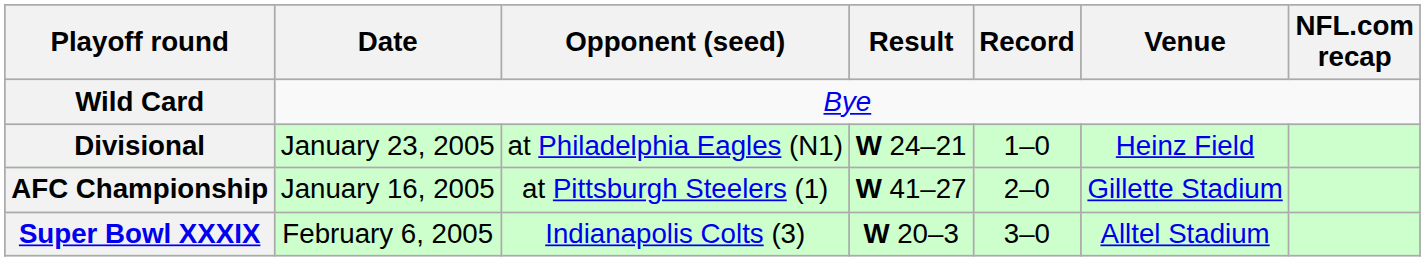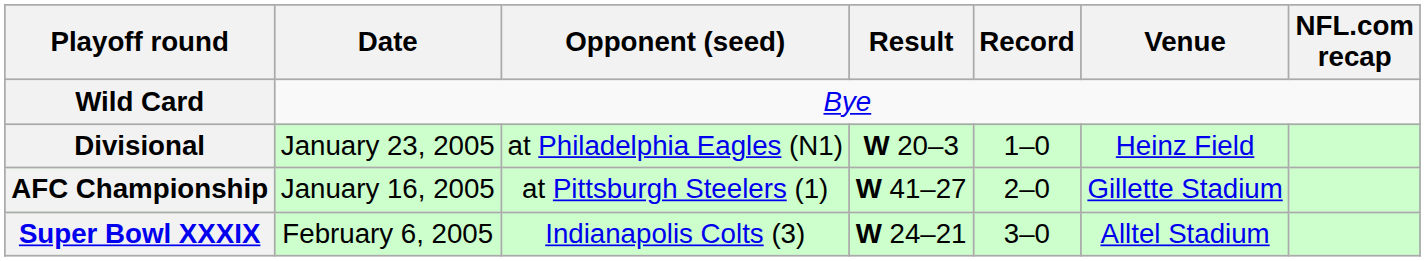 <table class="wikitable" style="text-align:center">
 <tr>
 <th>Playoff round</th>
 <th>Date</th>
 <th>Opponent (seed)</th>
 <th>Result</th>
 <th>Record</th>
 <th>Venue</th>
 <th>NFL.com<br>recap</th>
 </tr>
 <tr align="center">
 <th>Wild Card</th>
 <td colspan="8" align="center"><em><a href='#'>Bye</a></em></td>
 </tr>
 <tr style="background: #cfc;">
 <th>Divisional</th>
 <td>January 23, 2005</td>
 <td>at <a href='#'>Philadelphia Eagles</a> (N1)</td>
-<td><strong>W</strong> 24–21</td>
+<td><strong>W</strong> 20–3</td>
 <td>1–0</td>
 <td><a href='#'>Heinz Field</a></td>
 <td></td>
 </tr>
 <tr style="background: #cfc;">
 <th>AFC Championship</th>
 <td>January 16, 2005</td>
 <td>at <a href='#'>Pittsburgh Steelers</a> (1)</td>
 <td><strong>W</strong> 41–27</td>
 <td>2–0</td>
 <td><a href='#'>Gillette Stadium</a></td>
 <td></td>
 </tr>
 <tr style="background: #cfc;">
 <th><a href='#'>Super Bowl XXXIX</a></th>
 <td>February 6, 2005</td>
 <td><a href='#'>Indianapolis Colts</a> (3)</td>
-<td><strong>W</strong> 20–3</td>
+<td><strong>W</strong> 24–21</td>
 <td>3–0</td>
 <td><a href='#'>Alltel Stadium</a></td>
 <td></td>
 </tr>
 </table>
